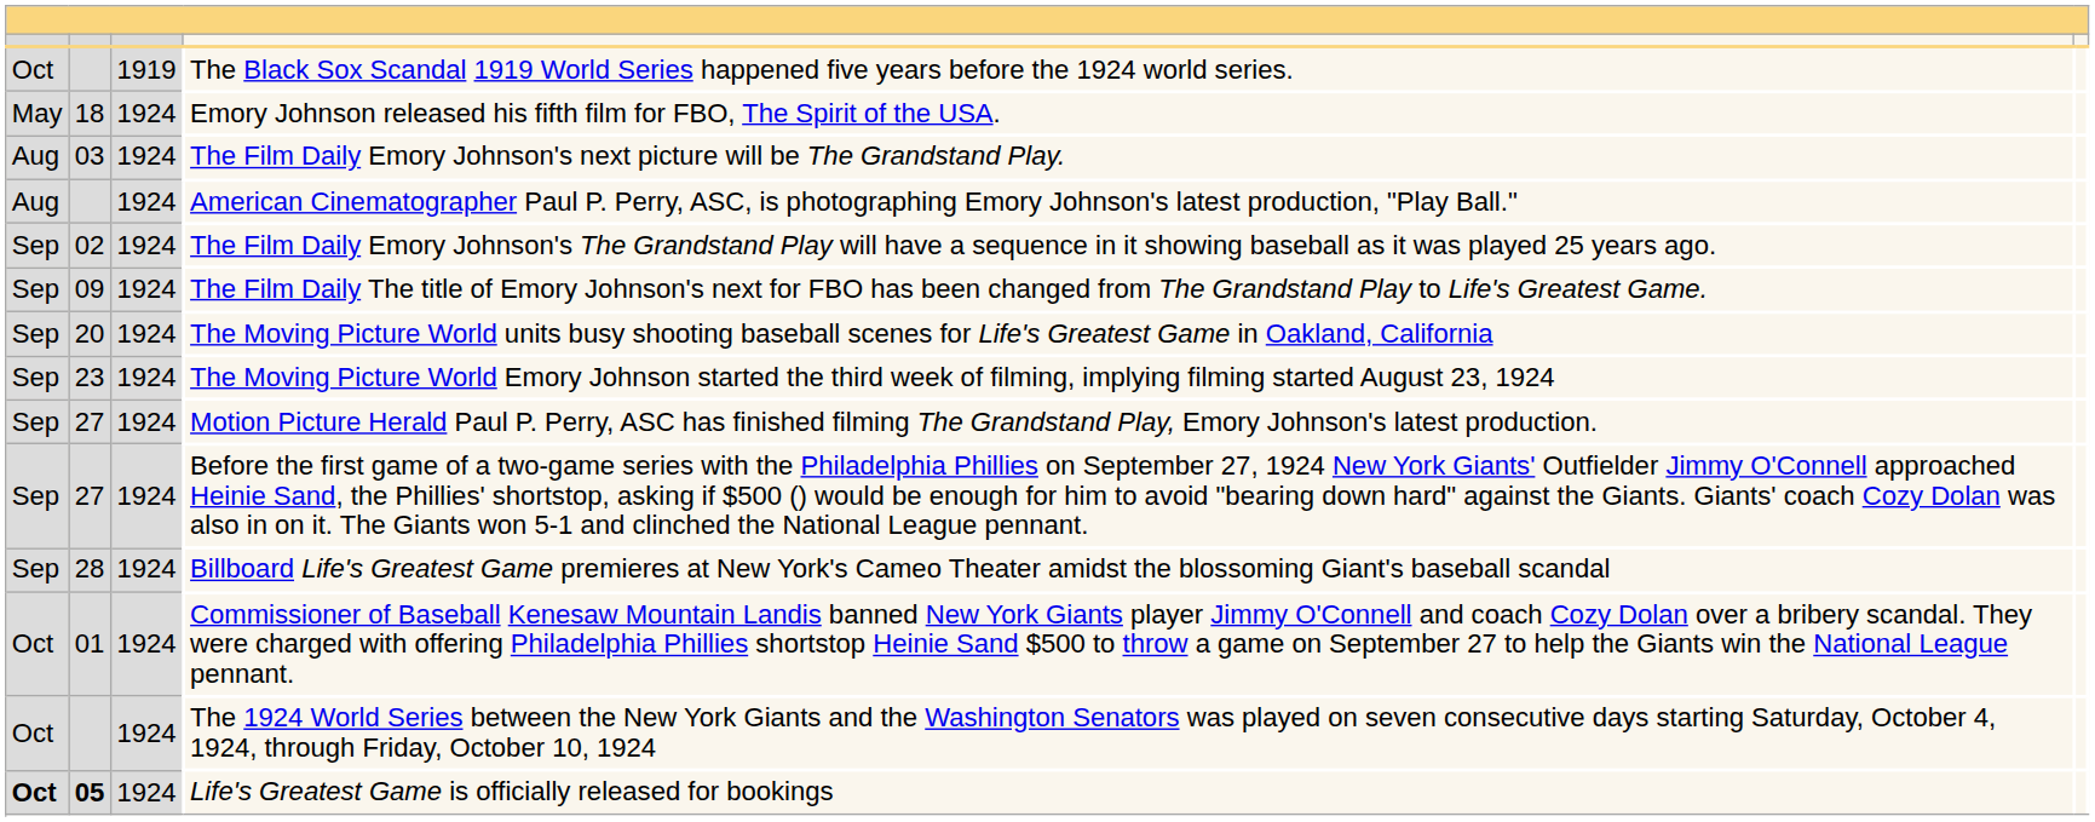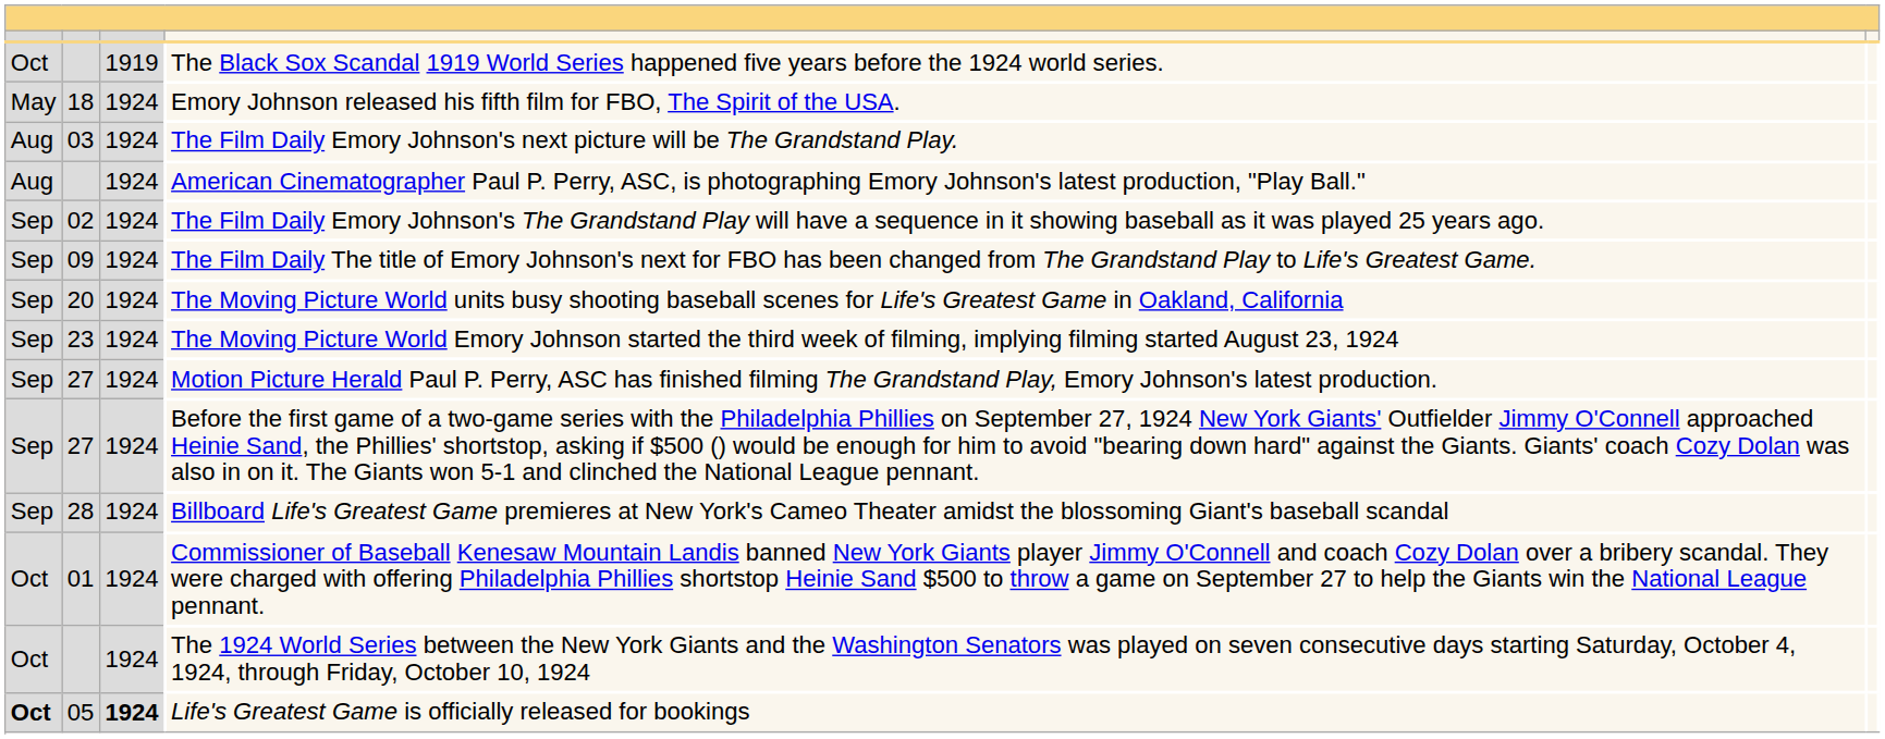 <table class="wikitable mw-collapsible mw-collapsed" style="background:#faf6ed">
 <tr>
 <th colspan="18" style="background:#fad67d;padding:0.5em 1em;"></th>
 </tr>
 <tr>
 <th style="border-bottom:2px solid #fad67d;background:#DCDCDC"></th>
 <th style="border-bottom:2px solid #fad67d;background:#DCDCDC"></th>
 <th style="border-bottom:2px solid #fad67d;background:#DCDCDC"></th>
 <th style="border-bottom:2px solid #fad67d;background: #faf6ed"></th>
 <th style="border-bottom:2px solid #fad67d;background: #faf6ed"></th>
 </tr>
 <tr>
 <td style="border-bottom:2px;background:#DCDCDC">Oct</td>
 <td style="border-bottom:2px;background:#DCDCDC"></td>
 <td style="border-bottom:2px;background:#DCDCDC">1919</td>
 <td style="border:2px solid #FFFFFF">The <a href='#'>Black Sox Scandal</a> <a href='#'>1919 World Series</a> happened five years before the 1924 world series.</td>
 <td style="border:2px solid #FFFFFF"></td>
 </tr>
 <tr>
 <td style="border-bottom:2px;background:#DCDCDC">May</td>
 <td style="border-bottom:2px;background:#DCDCDC">18</td>
 <td style="border-bottom:2px;background:#DCDCDC">1924</td>
 <td style="border:2px solid #FFFFFF">Emory Johnson released his fifth film for FBO, <a href='#'>The Spirit of the USA</a>.</td>
 <td style="border:2px solid #FFFFFF"></td>
 </tr>
 <tr>
 <td style="border-bottom:2px;background:#DCDCDC">Aug</td>
 <td style="border-bottom:2px;background:#DCDCDC">03</td>
 <td style="border-bottom:2px;background:#DCDCDC">1924</td>
 <td style="border:2px solid #FFFFFF"><a href='#'>The Film Daily</a> Emory Johnson's next picture will be <em>The Grandstand Play.</em></td>
 <td style="border:2px solid #FFFFFF"></td>
 </tr>
 <tr>
 <td style="border-bottom:2px;background:#DCDCDC">Aug</td>
 <td style="border-bottom:2px;background:#DCDCDC"></td>
 <td style="border-bottom:2px;background:#DCDCDC">1924</td>
 <td style="border:2px solid #FFFFFF"><a href='#'>American Cinematographer</a> Paul P. Perry, ASC, is photographing Emory Johnson's latest production, "Play Ball."</td>
 <td style="border:2px solid #FFFFFF"></td>
 </tr>
 <tr>
 <td style="border-bottom:2px;background:#DCDCDC">Sep</td>
 <td style="border-bottom:2px;background:#DCDCDC">02</td>
 <td style="border-bottom:2px;background:#DCDCDC">1924</td>
 <td style="border:2px solid #FFFFFF"><a href='#'>The Film Daily</a> Emory Johnson's <em>The Grandstand Play</em> will have a sequence in it showing baseball as it was played 25 years ago.</td>
 <td style="border:2px solid #FFFFFF"></td>
 </tr>
 <tr>
 <td style="border-bottom:2px;background:#DCDCDC">Sep</td>
 <td style="border-bottom:2px;background:#DCDCDC">09</td>
 <td style="border-bottom:2px;background:#DCDCDC">1924</td>
 <td style="border:2px solid #FFFFFF"><a href='#'>The Film Daily</a> The title of Emory Johnson's next for FBO has been changed from <em>The Grandstand Play</em> to <em>Life's Greatest Game.</em></td>
 <td style="border:2px solid #FFFFFF"></td>
 </tr>
 <tr>
 <td style="border-bottom:2px;background:#DCDCDC">Sep</td>
 <td style="border-bottom:2px;background:#DCDCDC">20</td>
 <td style="border-bottom:2px;background:#DCDCDC">1924</td>
 <td style="border:2px solid #FFFFFF"><a href='#'>The Moving Picture World</a> units busy shooting baseball scenes for <em>Life's Greatest Game</em> in <a href='#'>Oakland, California</a></td>
 <td style="border:2px solid #FFFFFF"></td>
 </tr>
 <tr>
 <td style="border-bottom:2px;background:#DCDCDC">Sep</td>
 <td style="border-bottom:2px;background:#DCDCDC">23</td>
 <td style="border-bottom:2px;background:#DCDCDC">1924</td>
 <td style="border:2px solid #FFFFFF"><a href='#'>The Moving Picture World</a> Emory Johnson started the third week of filming, implying filming started August 23, 1924</td>
 <td style="border:2px solid #FFFFFF"></td>
 </tr>
 <tr>
 <td style="border-bottom:2px;background:#DCDCDC">Sep</td>
 <td style="border-bottom:2px;background:#DCDCDC">27</td>
 <td style="border-bottom:2px;background:#DCDCDC">1924</td>
 <td style="border:2px solid #FFFFFF"><a href='#'>Motion Picture Herald</a> Paul P. Perry, ASC has finished filming <em>The Grandstand Play,</em> Emory Johnson's latest production.</td>
 <td style="border:2px solid #FFFFFF"></td>
 </tr>
 <tr>
 <td style="border-bottom:2px;background:#DCDCDC">Sep</td>
 <td style="border-bottom:2px;background:#DCDCDC">27</td>
 <td style="border-bottom:2px;background:#DCDCDC">1924</td>
 <td style="border:2px solid #FFFFFF">Before the first game of a two-game series with the <a href='#'>Philadelphia Phillies</a> on September 27, 1924 <a href='#'>New York Giants'</a> Outfielder <a href='#'>Jimmy O'Connell</a> approached <a href='#'>Heinie Sand</a>, the Phillies' shortstop, asking if $500 () would be enough for him to avoid "bearing down hard" against the Giants. Giants' coach <a href='#'>Cozy Dolan</a> was also in on it. The Giants won 5-1 and clinched the National League pennant.</td>
 <td style="border:2px solid #FFFFFF"></td>
 </tr>
 <tr>
 <td style="border-bottom:2px;background:#DCDCDC">Sep</td>
 <td style="border-bottom:2px;background:#DCDCDC">28</td>
 <td style="border-bottom:2px;background:#DCDCDC">1924</td>
 <td style="border:2px solid #FFFFFF"><a href='#'>Billboard</a> <em>Life's Greatest Game</em> premieres at New York's Cameo Theater amidst the blossoming Giant's baseball scandal</td>
 <td style="border:2px solid #FFFFFF"></td>
 </tr>
 <tr>
 <td style="border-bottom:2px;background:#DCDCDC">Oct</td>
 <td style="border-bottom:2px;background:#DCDCDC">01</td>
 <td style="border-bottom:2px;background:#DCDCDC">1924</td>
 <td style="border:2px solid #FFFFFF"><a href='#'>Commissioner of Baseball</a> <a href='#'>Kenesaw Mountain Landis</a> banned <a href='#'>New York Giants</a> player <a href='#'>Jimmy O'Connell</a> and coach <a href='#'>Cozy Dolan</a> over a bribery scandal. They were charged with offering <a href='#'>Philadelphia Phillies</a> shortstop <a href='#'>Heinie Sand</a> $500 to <a href='#'>throw</a> a game on September 27 to help the Giants win the <a href='#'>National League</a> pennant.</td>
 <td style="border:2px solid #FFFFFF"></td>
 </tr>
 <tr>
 <td style="border-bottom:2px;background:#DCDCDC">Oct</td>
 <td style="border-bottom:2px;background:#DCDCDC"></td>
 <td style="border-bottom:2px;background:#DCDCDC">1924</td>
 <td style="border:2px solid #FFFFFF">The <a href='#'>1924 World Series</a> between the New York Giants and the <a href='#'>Washington Senators</a> was played on seven consecutive days starting Saturday, October 4, 1924, through Friday, October 10, 1924</td>
 <td style="border:2px solid #FFFFFF"></td>
 </tr>
 <tr>
 <td style="border-bottom:2px;background:#DCDCDC"><strong>Oct</strong></td>
-<td style="border-bottom:2px;background:#DCDCDC"><strong>05</strong></td>
-<td style="border-bottom:2px;background:#DCDCDC">1924</td>
+<td style="border-bottom:2px;background:#DCDCDC">05</td>
+<td style="border-bottom:2px;background:#DCDCDC"><strong>1924</strong></td>
 <td style="border:2px solid #FFFFFF"><em>Life's Greatest Game</em> is officially released for bookings</td>
 <td style="border:2px solid #FFFFFF"></td>
 </tr>
 <tr>
 </tr>
 </table>
